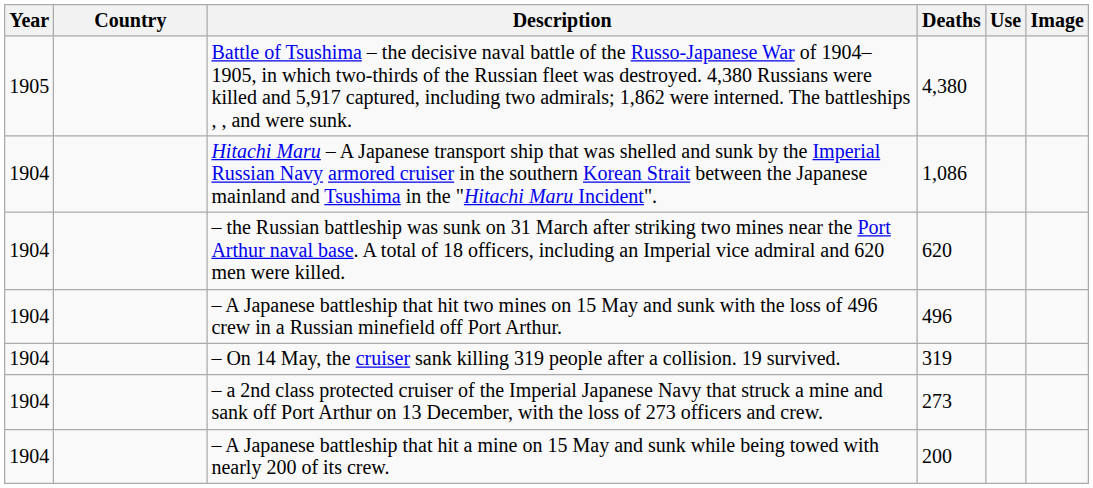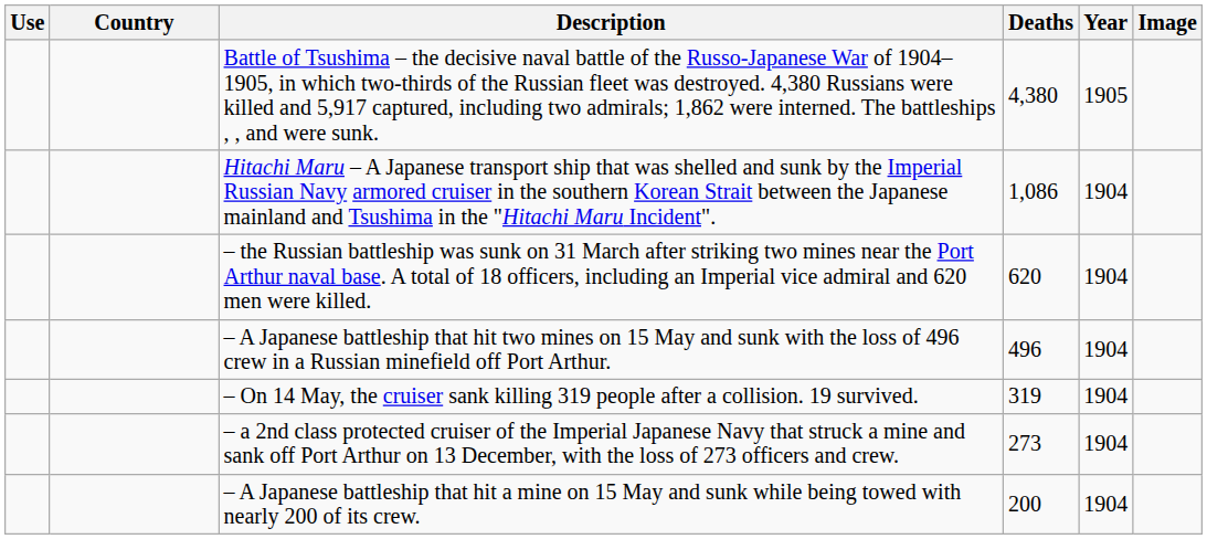 <table class="wikitable sortable" style="display: inline-table">
 <tr>
-<th data-sort-type="number">Year</th>
+<th>Use</th>
 <th width="115px">Country</th>
 <th class="unsortable">Description</th>
 <th data-sort-type="number">Deaths</th>
-<th>Use</th>
+<th data-sort-type="number">Year</th>
 <th class="unsortable">Image</th>
 </tr>
 <tr>
-<td>1905</td>
+<td></td>
 <td></td>
 <td><a href='#'>Battle of Tsushima</a> – the decisive naval battle of the <a href='#'>Russo-Japanese War</a> of 1904–1905, in which two-thirds of the Russian fleet was destroyed. 4,380 Russians were killed and 5,917 captured, including two admirals; 1,862 were interned. The battleships , ,  and  were sunk.</td>
 <td>4,380</td>
-<td></td>
+<td>1905</td>
 <td></td>
 </tr>
 <tr>
-<td>1904</td>
+<td></td>
 <td></td>
 <td><a href='#'><em>Hitachi Maru</em></a> – A Japanese transport ship that was shelled and sunk by the <a href='#'>Imperial Russian Navy</a> <a href='#'>armored cruiser</a>  in the southern <a href='#'>Korean Strait</a> between the Japanese mainland and <a href='#'>Tsushima</a> in the "<a href='#'><em>Hitachi Maru</em> Incident</a>".</td>
 <td>1,086</td>
-<td></td>
+<td>1904</td>
 <td></td>
 </tr>
 <tr>
-<td>1904</td>
+<td></td>
 <td></td>
 <td> – the Russian battleship was sunk on 31 March after striking two mines near the <a href='#'>Port Arthur naval base</a>. A total of 18 officers, including an Imperial vice admiral and 620 men were killed.</td>
 <td>620</td>
-<td></td>
+<td>1904</td>
 <td></td>
 </tr>
 <tr>
-<td>1904</td>
+<td></td>
 <td></td>
 <td> – A Japanese battleship that hit two mines on 15 May and sunk with the loss of 496 crew in a Russian minefield off Port Arthur.</td>
 <td>496</td>
-<td></td>
+<td>1904</td>
 <td></td>
 </tr>
 <tr>
-<td>1904</td>
+<td></td>
 <td></td>
 <td> – On 14 May, the <a href='#'>cruiser</a> sank killing 319 people after a collision. 19 survived.</td>
 <td>319</td>
-<td></td>
+<td>1904</td>
 <td></td>
 </tr>
 <tr>
-<td>1904</td>
+<td></td>
 <td></td>
 <td> – a 2nd class protected cruiser of the Imperial Japanese Navy that struck a mine and sank off Port Arthur on 13 December, with the loss of 273 officers and crew.</td>
 <td>273</td>
-<td></td>
+<td>1904</td>
 <td></td>
 </tr>
 <tr>
-<td>1904</td>
+<td></td>
 <td></td>
 <td> – A Japanese battleship that hit a mine on 15 May and sunk while being towed with nearly 200 of its crew.</td>
 <td>200</td>
-<td></td>
+<td>1904</td>
 <td></td>
 </tr>
 </table>
